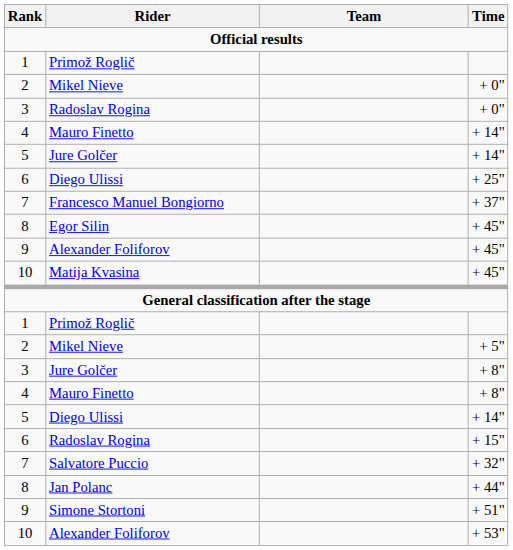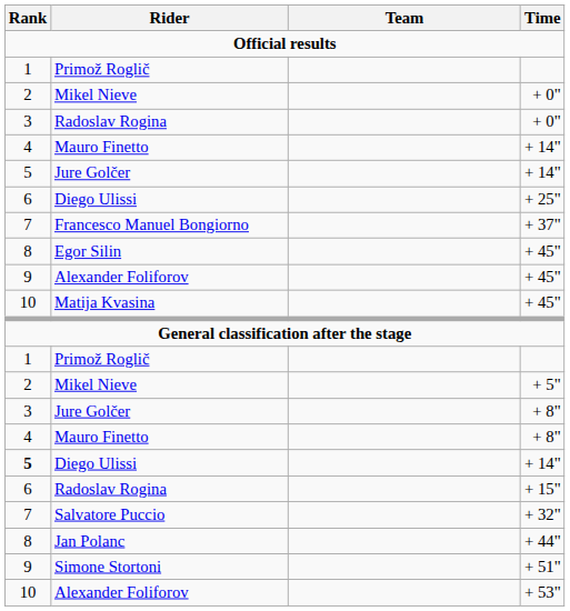 <table class="wikitable">
 <tr>
 <th>Rank</th>
 <th>Rider</th>
 <th>Team</th>
 <th>Time</th>
 </tr>
 <tr>
 <td align=center colspan=4><strong>Official results</strong></td>
 </tr>
 <tr>
 <td align=center>1</td>
 <td width=225px> <a href='#'>Primož Roglič</a></td>
 <td width=220px></td>
 <td style="text-align:right;"></td>
 </tr>
 <tr>
 <td align=center>2</td>
 <td> <a href='#'>Mikel Nieve</a></td>
 <td></td>
 <td style="text-align:right;">+ 0"</td>
 </tr>
 <tr>
 <td align=center>3</td>
 <td> <a href='#'>Radoslav Rogina</a></td>
 <td></td>
 <td style="text-align:right;">+ 0"</td>
 </tr>
 <tr>
 <td align=center>4</td>
 <td> <a href='#'>Mauro Finetto</a> </td>
 <td></td>
 <td style="text-align:right;">+ 14"</td>
 </tr>
 <tr>
 <td align=center>5</td>
 <td> <a href='#'>Jure Golčer</a></td>
 <td></td>
 <td style="text-align:right;">+ 14"</td>
 </tr>
 <tr>
 <td align=center>6</td>
 <td> <a href='#'>Diego Ulissi</a></td>
 <td></td>
 <td style="text-align:right;">+ 25"</td>
 </tr>
 <tr>
 <td align=center>7</td>
 <td> <a href='#'>Francesco Manuel Bongiorno</a></td>
 <td></td>
 <td style="text-align:right;">+ 37"</td>
 </tr>
 <tr>
 <td align=center>8</td>
 <td> <a href='#'>Egor Silin</a></td>
 <td></td>
 <td style="text-align:right;">+ 45"</td>
 </tr>
 <tr>
 <td align=center>9</td>
 <td> <a href='#'>Alexander Foliforov</a></td>
 <td></td>
 <td style="text-align:right;">+ 45"</td>
 </tr>
 <tr>
 <td align=center>10</td>
 <td> <a href='#'>Matija Kvasina</a></td>
 <td></td>
 <td style="text-align:right;">+ 45"</td>
 </tr>
 <tr>
 <td style="border-top-width:5px" align=center colspan=4><strong>General classification after the stage</strong></td>
 </tr>
 <tr>
 <td align=center>1</td>
 <td> <a href='#'>Primož Roglič</a> </td>
 <td></td>
 <td style="text-align:right;"></td>
 </tr>
 <tr>
 <td align=center>2</td>
 <td> <a href='#'>Mikel Nieve</a></td>
 <td></td>
 <td style="text-align:right;">+ 5"</td>
 </tr>
 <tr>
 <td align=center>3</td>
 <td> <a href='#'>Jure Golčer</a></td>
 <td></td>
 <td style="text-align:right;">+ 8"</td>
 </tr>
 <tr>
 <td align=center>4</td>
 <td> <a href='#'>Mauro Finetto</a> </td>
 <td></td>
 <td style="text-align:right;">+ 8"</td>
 </tr>
 <tr>
-<td align=center>5</td>
+<td align=center><strong>5</strong></td>
 <td> <a href='#'>Diego Ulissi</a></td>
 <td></td>
 <td style="text-align:right;">+ 14"</td>
 </tr>
 <tr>
 <td align=center>6</td>
 <td> <a href='#'>Radoslav Rogina</a></td>
 <td></td>
 <td style="text-align:right;">+ 15"</td>
 </tr>
 <tr>
 <td align=center>7</td>
 <td> <a href='#'>Salvatore Puccio</a> </td>
 <td></td>
 <td style="text-align:right;">+ 32"</td>
 </tr>
 <tr>
 <td align=center>8</td>
 <td> <a href='#'>Jan Polanc</a></td>
 <td></td>
 <td style="text-align:right;">+ 44"</td>
 </tr>
 <tr>
 <td align=center>9</td>
 <td> <a href='#'>Simone Stortoni</a></td>
 <td></td>
 <td style="text-align:right;">+ 51"</td>
 </tr>
 <tr>
 <td align=center>10</td>
 <td> <a href='#'>Alexander Foliforov</a></td>
 <td></td>
 <td style="text-align:right;">+ 53"</td>
 </tr>
 </table>
